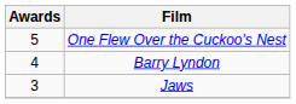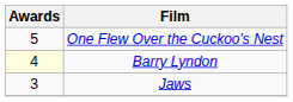 <table class="wikitable" rowspan="2" style="text-align:center;">
 <tr>
 <th scope="col" style="width:55px;">Awards</th>
 <th scope="col" style="text-align:center;">Film</th>
 </tr>
 <tr>
 <td rowspan=1, style="text-align:center">5</td>
 <td><em><a href='#'>One Flew Over the Cuckoo's Nest</a></em></td>
 </tr>
 <tr>
-<td rowspan=1, style="text-align:center">4</td>
+<td rowspan=1, style="background: lightyellow; text-align:center">4</td>
 <td><em><a href='#'>Barry Lyndon</a></em></td>
 </tr>
 <tr>
 <td rowspan=1, style="text-align:center">3</td>
 <td><em><a href='#'>Jaws</a></em></td>
 </tr>
 <tr>
 </tr>
 </table>
